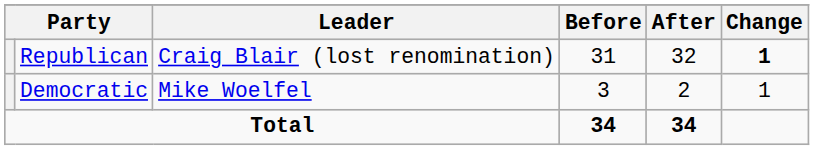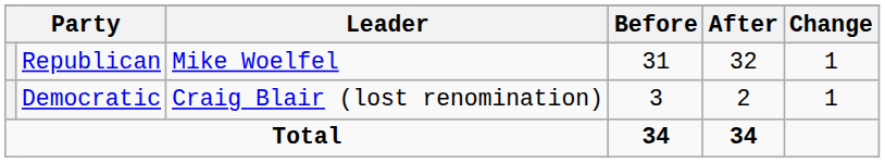 <table class="wikitable" style="text-align:center;">
 <tr>
 </tr>
 <tr>
 <th colspan="2">Party</th>
 <th>Leader</th>
 <th style="width:3em">Before</th>
 <th style="width:3em">After</th>
 <th style="width:3em">Change</th>
 </tr>
 <tr>
 <th style="background-color:"></th>
 <td style="text-align:left;"><a href='#'>Republican</a></td>
-<td style="text-align:left;"><a href='#'>Craig Blair</a> (lost renomination)</td>
+<td style="text-align:left;"><a href='#'>Mike Woelfel</a></td>
 <td>31</td>
 <td>32</td>
-<td><strong> 1</strong></td>
+<td> 1</td>
 </tr>
 <tr>
 <th style="background-color:"></th>
 <td style="text-align:left;"><a href='#'>Democratic</a></td>
-<td style="text-align:left;"><a href='#'>Mike Woelfel</a></td>
+<td style="text-align:left;"><a href='#'>Craig Blair</a> (lost renomination)</td>
 <td>3</td>
 <td>2</td>
 <td> 1</td>
 </tr>
 <tr>
 <td colspan="3"><strong>Total</strong></td>
 <td><strong>34</strong></td>
 <td><strong>34</strong></td>
 <td></td>
 </tr>
 </table>
